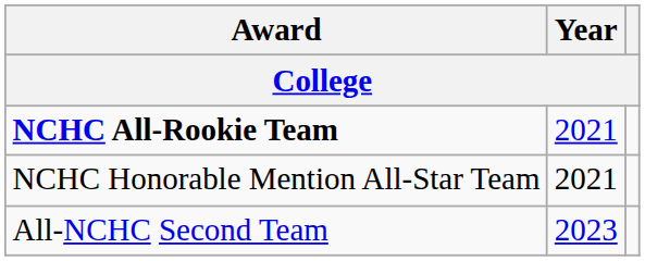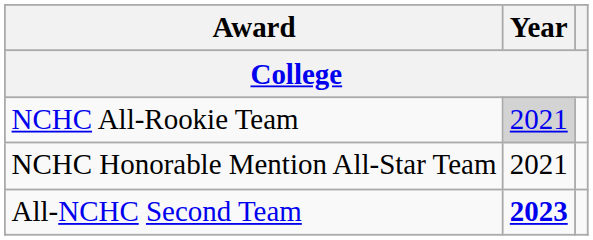 <table class="wikitable">
 <tr>
 <th>Award</th>
 <th>Year</th>
 <th></th>
 </tr>
 <tr ALIGN="center" bgcolor="#e0e0e0">
 <th colspan="3"><a href='#'>College</a></th>
 </tr>
 <tr>
-<td><strong><a href='#'>NCHC</a> All-Rookie Team</strong></td>
-<td><a href='#'>2021</a></td>
+<td><a href='#'>NCHC</a> All-Rookie Team</td>
+<td style="background: lightgrey;"><a href='#'>2021</a></td>
 <td></td>
 </tr>
 <tr>
 <td>NCHC Honorable Mention All-Star Team</td>
 <td>2021</td>
 </tr>
 <tr>
 <td>All-<a href='#'>NCHC</a> <a href='#'>Second Team</a></td>
-<td><a href='#'>2023</a></td>
+<td><strong><a href='#'>2023</a></strong></td>
 <td></td>
 </tr>
 </table>
